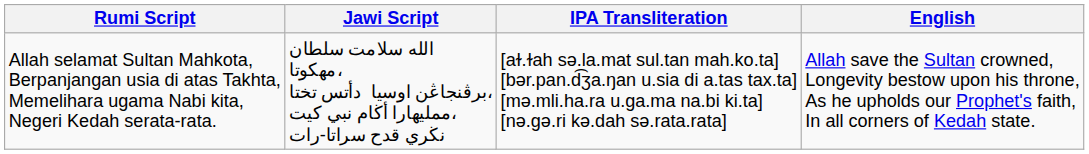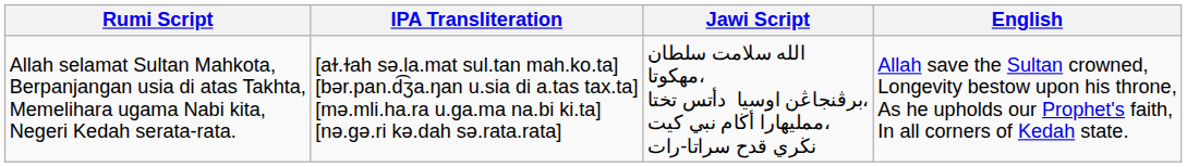 <table class="wikitable">
 <tr>
 <th><a href='#'>Rumi Script</a></th>
+<th><a href='#'>IPA Transliteration</a></th>
 <th><a href='#'>Jawi Script</a></th>
-<th><a href='#'>IPA Transliteration</a></th>
 <th><a href='#'>English</a></th>
 </tr>
 <tr>
 <td>Allah selamat Sultan Mahkota,<br>Berpanjangan usia di atas Takhta,<br>Memelihara ugama Nabi kita,<br>Negeri Kedah serata-rata.</td>
+<td>[aɫ.ɫah sə.la.mat sul.tan mah.ko.ta]<br>[bər.pan.d͡ʒa.ŋan u.sia di a.tas tax.ta]<br>[mə.mli.ha.ra u.ga.ma na.bi ki.ta]<br>[nə.gə.ri kə.dah sə.rata.rata]</td>
 <td>الله سلامت سلطان<br>مهكوتا،<br>برڤنجاڠن اوسيا  دأتس تختا،<br>ممليهارا أڬام نبي كيت،<br>نڬري قدح سراتا-رات</td>
-<td>[aɫ.ɫah sə.la.mat sul.tan mah.ko.ta]<br>[bər.pan.d͡ʒa.ŋan u.sia di a.tas tax.ta]<br>[mə.mli.ha.ra u.ga.ma na.bi ki.ta]<br>[nə.gə.ri kə.dah sə.rata.rata]</td>
 <td><a href='#'>Allah</a> save the <a href='#'>Sultan</a> crowned,<br>Longevity bestow upon his throne,<br>As he upholds our <a href='#'>Prophet's</a> faith,<br>In all corners of <a href='#'>Kedah</a> state.</td>
 </tr>
 </table>
